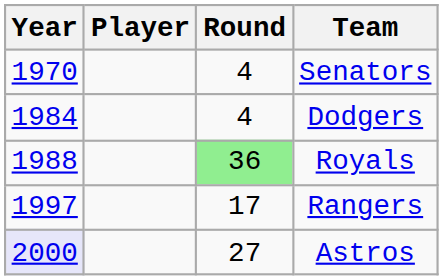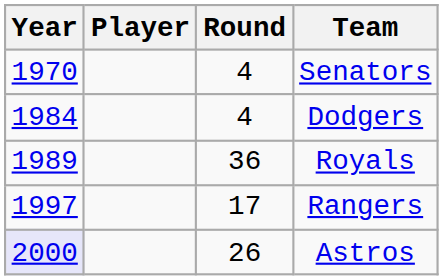 <table class="wikitable sortable">
 <tr>
 <th>Year</th>
 <th>Player</th>
 <th>Round</th>
 <th>Team</th>
 </tr>
 <tr valign="center">
 <td align="center"><a href='#'>1970</a></td>
 <td align="center"></td>
 <td align="center">4</td>
 <td align="center"><a href='#'>Senators</a></td>
 </tr>
 <tr valign="center">
 <td align="center"><a href='#'>1984</a></td>
 <td align="center"></td>
 <td align="center">4</td>
 <td align="center"><a href='#'>Dodgers</a></td>
 </tr>
 <tr valign="center">
-<td align="center"><a href='#'>1988</a></td>
+<td align="center"><a href='#'>1989</a></td>
 <td align="center"></td>
-<td align="center" style="background: lightgreen;">36</td>
+<td align="center">36</td>
 <td align="center"><a href='#'>Royals</a></td>
 </tr>
 <tr valign="center">
 <td align="center"><a href='#'>1997</a></td>
 <td align="center"></td>
 <td align="center">17</td>
 <td align="center"><a href='#'>Rangers</a></td>
 </tr>
 <tr valign="center">
 <td align="center" style="background: lavender;"><a href='#'>2000</a></td>
 <td align="center"></td>
-<td align="center">27</td>
+<td align="center">26</td>
 <td align="center"><a href='#'>Astros</a></td>
 </tr>
 </table>
